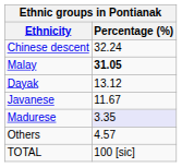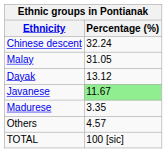 <table class="wikitable">
 <tr>
 <th style="text-align:center;" colspan=3>Ethnic groups in Pontianak</th>
 </tr>
 <tr>
 <th><a href='#'>Ethnicity</a></th>
 <th>Percentage (%)</th>
 </tr>
 <tr>
 <td><a href='#'>Chinese descent</a></td>
 <td>32.24</td>
 </tr>
 <tr>
 <td><a href='#'>Malay</a></td>
-<td><strong>31.05</strong></td>
+<td>31.05</td>
 </tr>
 <tr>
 <td><a href='#'>Dayak</a></td>
 <td>13.12</td>
 </tr>
 <tr>
 <td><a href='#'>Javanese</a></td>
-<td>11.67</td>
+<td style="background: lightgreen;">11.67</td>
 </tr>
 <tr>
 <td><a href='#'>Madurese</a></td>
-<td style="background: lavender;">3.35</td>
+<td>3.35</td>
 </tr>
 <tr>
 <td>Others</td>
 <td>4.57</td>
 </tr>
 <tr>
 <td>TOTAL</td>
 <td>100 [sic]</td>
 </tr>
 </table>
